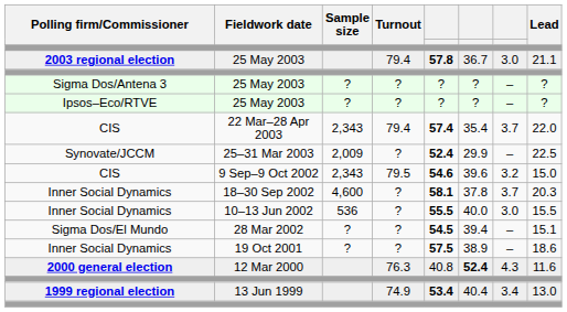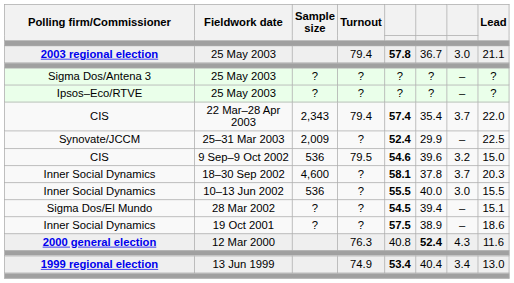 <table class="wikitable collapsible collapsed" style="text-align:center; font-size:95%; line-height:16px;">
 <tr style="height:42px;">
 <th style="width:250px;" rowspan="2">Polling firm/Commissioner</th>
 <th style="width:125px;" rowspan="2">Fieldwork date</th>
 <th style="width:50px;" rowspan="2">Sample size</th>
 <th style="width:45px;" rowspan="2">Turnout</th>
 <th style="width:35px;"></th>
 <th style="width:35px;"></th>
 <th style="width:35px;"></th>
 <th style="width:30px;" rowspan="2">Lead</th>
 </tr>
 <tr>
 <th style="color:inherit;background:"></th>
 <th style="color:inherit;background:"></th>
 <th style="color:inherit;background:"></th>
 </tr>
 <tr>
 <td colspan="8" style="background:#A0A0A0"></td>
 </tr>
 <tr style="background:#EFEFEF;">
 <td><strong><a href='#'>2003 regional election</a></strong></td>
 <td>25 May 2003</td>
 <td></td>
 <td>79.4</td>
 <td><strong>57.8</strong><br></td>
 <td>36.7<br></td>
 <td>3.0<br></td>
 <td style="background:">21.1</td>
 </tr>
 <tr>
 <td colspan="8" style="background:#A0A0A0"></td>
 </tr>
 <tr style="background:#EAFFEA;">
 <td>Sigma Dos/Antena 3</td>
 <td>25 May 2003</td>
 <td>?</td>
 <td>?</td>
 <td>?<br></td>
 <td>?<br></td>
 <td>–</td>
 <td style="background:">?</td>
 </tr>
 <tr style="background:#EAFFEA;">
 <td>Ipsos–Eco/RTVE</td>
 <td>25 May 2003</td>
 <td>?</td>
 <td>?</td>
 <td>?<br></td>
 <td>?<br></td>
 <td>–</td>
 <td style="background:">?</td>
 </tr>
 <tr>
 <td>CIS</td>
 <td>22 Mar–28 Apr 2003</td>
 <td>2,343</td>
 <td>79.4</td>
 <td><strong>57.4</strong><br></td>
 <td>35.4<br></td>
 <td>3.7<br></td>
 <td style="background:">22.0</td>
 </tr>
 <tr>
 <td>Synovate/JCCM</td>
 <td>25–31 Mar 2003</td>
 <td>2,009</td>
 <td>?</td>
 <td><strong>52.4</strong></td>
 <td>29.9</td>
 <td>–</td>
 <td style="background:">22.5</td>
 </tr>
 <tr>
 <td>CIS</td>
 <td>9 Sep–9 Oct 2002</td>
-<td>2,343</td>
+<td>536</td>
 <td>79.5</td>
 <td><strong>54.6</strong></td>
 <td>39.6</td>
 <td>3.2</td>
 <td style="background:">15.0</td>
 </tr>
 <tr>
 <td>Inner Social Dynamics</td>
 <td>18–30 Sep 2002</td>
 <td>4,600</td>
 <td>?</td>
 <td><strong>58.1</strong><br></td>
 <td>37.8<br></td>
 <td>3.7<br></td>
 <td style="background:">20.3</td>
 </tr>
 <tr>
 <td>Inner Social Dynamics</td>
 <td>10–13 Jun 2002</td>
 <td>536</td>
 <td>?</td>
 <td><strong>55.5</strong><br></td>
 <td>40.0<br></td>
 <td>3.0<br></td>
 <td style="background:">15.5</td>
 </tr>
 <tr>
 <td>Sigma Dos/El Mundo</td>
 <td>28 Mar 2002</td>
 <td>?</td>
 <td>?</td>
 <td><strong>54.5</strong></td>
 <td>39.4</td>
 <td>–</td>
 <td style="background:">15.1</td>
 </tr>
 <tr>
 <td>Inner Social Dynamics</td>
 <td>19 Oct 2001</td>
 <td>?</td>
 <td>?</td>
 <td><strong>57.5</strong></td>
 <td>38.9</td>
 <td>–</td>
 <td style="background:">18.6</td>
 </tr>
 <tr style="background:#EFEFEF;">
 <td><strong><a href='#'>2000 general election</a></strong></td>
 <td>12 Mar 2000</td>
 <td></td>
 <td>76.3</td>
 <td>40.8<br></td>
 <td><strong>52.4</strong><br></td>
 <td>4.3<br></td>
 <td style="background:">11.6</td>
 </tr>
 <tr>
 <td colspan="8" style="background:#A0A0A0"></td>
 </tr>
 <tr style="background:#EFEFEF;">
 <td><strong><a href='#'>1999 regional election</a></strong></td>
 <td>13 Jun 1999</td>
 <td></td>
 <td>74.9</td>
 <td><strong>53.4</strong><br></td>
 <td>40.4<br></td>
 <td>3.4<br></td>
 <td style="background:">13.0</td>
 </tr>
 <tr>
 <td colspan="8" style="background:#A0A0A0"></td>
 </tr>
 </table>
